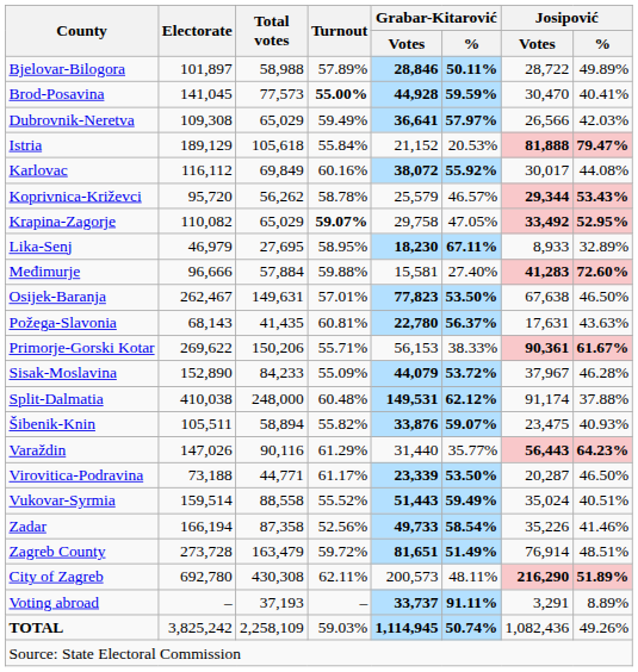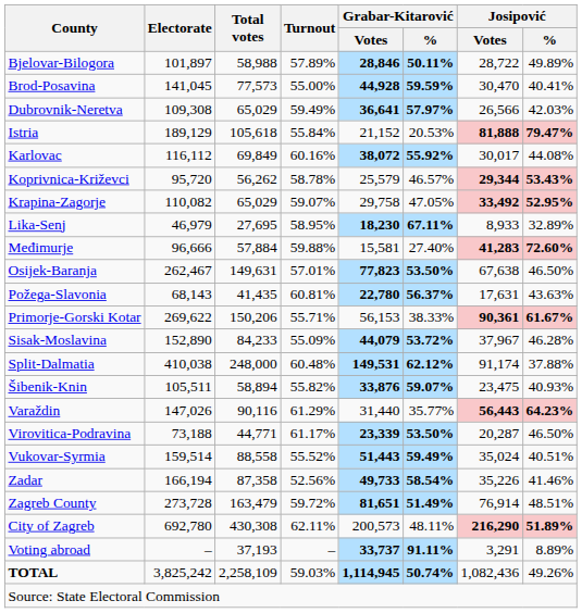 <table class="wikitable sortable" style=text-align:right>
 <tr>
 <th rowspan=2>County</th>
 <th rowspan=2>Electorate</th>
 <th rowspan=2>Total<br>votes</th>
 <th rowspan=2>Turnout</th>
 <th colspan=2>Grabar-Kitarović</th>
 <th colspan=2>Josipović</th>
 </tr>
 <tr>
 <th>Votes</th>
 <th>%</th>
 <th>Votes</th>
 <th>%</th>
 </tr>
 <tr>
 <td align=left><a href='#'>Bjelovar-Bilogora</a></td>
 <td>101,897</td>
 <td>58,988</td>
 <td>57.89%</td>
 <td style="background:#B3E0FF"><strong>28,846</strong></td>
 <td style="background:#B3E0FF"><strong>50.11%</strong></td>
 <td>28,722</td>
 <td>49.89%</td>
 </tr>
 <tr>
 <td align=left><a href='#'>Brod-Posavina</a></td>
 <td>141,045</td>
 <td>77,573</td>
-<td><strong>55.00%</strong></td>
+<td>55.00%</td>
 <td style="background:#B3E0FF"><strong>44,928</strong></td>
 <td style="background:#B3E0FF"><strong>59.59%</strong></td>
 <td>30,470</td>
 <td>40.41%</td>
 </tr>
 <tr>
 <td align=left><a href='#'>Dubrovnik-Neretva</a></td>
 <td>109,308</td>
 <td>65,029</td>
 <td>59.49%</td>
 <td style="background:#B3E0FF"><strong>36,641</strong></td>
 <td style="background:#B3E0FF"><strong>57.97%</strong></td>
 <td>26,566</td>
 <td>42.03%</td>
 </tr>
 <tr>
 <td align=left><a href='#'>Istria</a></td>
 <td>189,129</td>
 <td>105,618</td>
 <td>55.84%</td>
 <td>21,152</td>
 <td>20.53%</td>
 <td style="background:#F9C8CA;"><strong>81,888</strong></td>
 <td style="background:#F9C8CA;"><strong>79.47%</strong></td>
 </tr>
 <tr>
 <td align=left><a href='#'>Karlovac</a></td>
 <td>116,112</td>
 <td>69,849</td>
 <td>60.16%</td>
 <td style="background:#B3E0FF"><strong>38,072</strong></td>
 <td style="background:#B3E0FF"><strong>55.92%</strong></td>
 <td>30,017</td>
 <td>44.08%</td>
 </tr>
 <tr>
 <td align=left><a href='#'>Koprivnica-Križevci</a></td>
 <td>95,720</td>
 <td>56,262</td>
 <td>58.78%</td>
 <td>25,579</td>
 <td>46.57%</td>
 <td style="background:#F9C8CA;"><strong>29,344</strong></td>
 <td style="background:#F9C8CA;"><strong>53.43%</strong></td>
 </tr>
 <tr>
 <td align=left><a href='#'>Krapina-Zagorje</a></td>
 <td>110,082</td>
 <td>65,029</td>
-<td><strong>59.07%</strong></td>
+<td>59.07%</td>
 <td>29,758</td>
 <td>47.05%</td>
 <td style="background:#F9C8CA;"><strong>33,492</strong></td>
 <td style="background:#F9C8CA;"><strong>52.95%</strong></td>
 </tr>
 <tr>
 <td align=left><a href='#'>Lika-Senj</a></td>
 <td>46,979</td>
 <td>27,695</td>
 <td>58.95%</td>
 <td style="background:#B3E0FF"><strong>18,230</strong></td>
 <td style="background:#B3E0FF"><strong>67.11%</strong></td>
 <td>8,933</td>
 <td>32.89%</td>
 </tr>
 <tr>
 <td align=left><a href='#'>Međimurje</a></td>
 <td>96,666</td>
 <td>57,884</td>
 <td>59.88%</td>
 <td>15,581</td>
 <td>27.40%</td>
 <td style="background:#F9C8CA;"><strong>41,283</strong></td>
 <td style="background:#F9C8CA;"><strong>72.60%</strong></td>
 </tr>
 <tr>
 <td align=left><a href='#'>Osijek-Baranja</a></td>
 <td>262,467</td>
 <td>149,631</td>
 <td>57.01%</td>
 <td style="background:#B3E0FF"><strong>77,823</strong></td>
 <td style="background:#B3E0FF"><strong>53.50%</strong></td>
 <td>67,638</td>
 <td>46.50%</td>
 </tr>
 <tr>
 <td align=left><a href='#'>Požega-Slavonia</a></td>
 <td>68,143</td>
 <td>41,435</td>
 <td>60.81%</td>
 <td style="background:#B3E0FF"><strong>22,780</strong></td>
 <td style="background:#B3E0FF"><strong>56.37%</strong></td>
 <td>17,631</td>
 <td>43.63%</td>
 </tr>
 <tr>
 <td align=left><a href='#'>Primorje-Gorski Kotar</a></td>
 <td>269,622</td>
 <td>150,206</td>
 <td>55.71%</td>
 <td>56,153</td>
 <td>38.33%</td>
 <td style="background:#F9C8CA;"><strong>90,361</strong></td>
 <td style="background:#F9C8CA;"><strong>61.67%</strong></td>
 </tr>
 <tr>
 <td align=left><a href='#'>Sisak-Moslavina</a></td>
 <td>152,890</td>
 <td>84,233</td>
 <td>55.09%</td>
 <td style="background:#B3E0FF"><strong>44,079</strong></td>
 <td style="background:#B3E0FF"><strong>53.72%</strong></td>
 <td>37,967</td>
 <td>46.28%</td>
 </tr>
 <tr>
 <td align=left><a href='#'>Split-Dalmatia</a></td>
 <td>410,038</td>
 <td>248,000</td>
 <td>60.48%</td>
 <td style="background:#B3E0FF"><strong>149,531</strong></td>
 <td style="background:#B3E0FF"><strong>62.12%</strong></td>
 <td>91,174</td>
 <td>37.88%</td>
 </tr>
 <tr>
 <td align=left><a href='#'>Šibenik-Knin</a></td>
 <td>105,511</td>
 <td>58,894</td>
 <td>55.82%</td>
 <td style="background:#B3E0FF"><strong>33,876</strong></td>
 <td style="background:#B3E0FF"><strong>59.07%</strong></td>
 <td>23,475</td>
 <td>40.93%</td>
 </tr>
 <tr>
 <td align=left><a href='#'>Varaždin</a></td>
 <td>147,026</td>
 <td>90,116</td>
 <td>61.29%</td>
 <td>31,440</td>
 <td>35.77%</td>
 <td style="background:#F9C8CA;"><strong>56,443</strong></td>
 <td style="background:#F9C8CA;"><strong>64.23%</strong></td>
 </tr>
 <tr>
 <td align=left><a href='#'>Virovitica-Podravina</a></td>
 <td>73,188</td>
 <td>44,771</td>
 <td>61.17%</td>
 <td style="background:#B3E0FF"><strong>23,339</strong></td>
 <td style="background:#B3E0FF"><strong>53.50%</strong></td>
 <td>20,287</td>
 <td>46.50%</td>
 </tr>
 <tr>
 <td align=left><a href='#'>Vukovar-Syrmia</a></td>
 <td>159,514</td>
 <td>88,558</td>
 <td>55.52%</td>
 <td style="background:#B3E0FF"><strong>51,443</strong></td>
 <td style="background:#B3E0FF"><strong>59.49%</strong></td>
 <td>35,024</td>
 <td>40.51%</td>
 </tr>
 <tr>
 <td align=left><a href='#'>Zadar</a></td>
 <td>166,194</td>
 <td>87,358</td>
 <td>52.56%</td>
 <td style="background:#B3E0FF"><strong>49,733</strong></td>
 <td style="background:#B3E0FF"><strong>58.54%</strong></td>
 <td>35,226</td>
 <td>41.46%</td>
 </tr>
 <tr>
 <td align=left><a href='#'>Zagreb County</a></td>
 <td>273,728</td>
 <td>163,479</td>
 <td>59.72%</td>
 <td style="background:#B3E0FF"><strong>81,651</strong></td>
 <td style="background:#B3E0FF"><strong>51.49%</strong></td>
 <td>76,914</td>
 <td>48.51%</td>
 </tr>
 <tr>
 <td align=left><a href='#'>City of Zagreb</a></td>
 <td>692,780</td>
 <td>430,308</td>
 <td>62.11%</td>
 <td>200,573</td>
 <td>48.11%</td>
 <td style="background:#F9C8CA;"><strong>216,290</strong></td>
 <td style="background:#F9C8CA;"><strong>51.89%</strong></td>
 </tr>
 <tr>
 <td align=left><a href='#'>Voting abroad</a></td>
 <td>–</td>
 <td>37,193</td>
 <td>–</td>
 <td style="background:#B3E0FF"><strong>33,737</strong></td>
 <td style="background:#B3E0FF"><strong>91.11%</strong></td>
 <td>3,291</td>
 <td>8.89%</td>
 </tr>
 <tr class="sortbottom">
 <td align=left><strong>TOTAL</strong></td>
 <td>3,825,242</td>
 <td>2,258,109</td>
 <td>59.03%</td>
 <td style="background:#B3E0FF"><strong>1,114,945</strong></td>
 <td style="background:#B3E0FF"><strong>50.74%</strong></td>
 <td>1,082,436</td>
 <td>49.26%</td>
 </tr>
 <tr class="sortbottom">
 <td colspan=12 align=left>Source: State Electoral Commission</td>
 </tr>
 </table>
